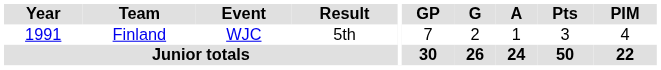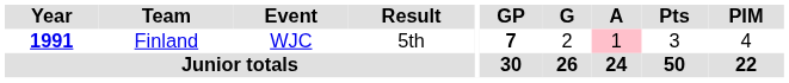 <table border="0" cellpadding="1" cellspacing="0" ID="Table3" style="text-align:center; width:40em">
 <tr ALIGN="center" bgcolor="#e0e0e0">
 <th>Year</th>
 <th>Team</th>
 <th>Event</th>
 <th>Result</th>
 <th rowspan="99" bgcolor="#ffffff"></th>
 <th>GP</th>
 <th>G</th>
 <th>A</th>
 <th>Pts</th>
 <th>PIM</th>
 </tr>
 <tr>
-<td><a href='#'>1991</a></td>
+<td><strong><a href='#'>1991</a></strong></td>
 <td><a href='#'>Finland</a></td>
 <td><a href='#'>WJC</a></td>
 <td>5th</td>
-<td>7</td>
+<td><strong>7</strong></td>
 <td>2</td>
-<td>1</td>
+<td style="background: pink;">1</td>
 <td>3</td>
 <td>4</td>
 </tr>
 <tr bgcolor="#e0e0e0">
 <th colspan="4">Junior totals</th>
 <th>30</th>
 <th>26</th>
 <th>24</th>
 <th>50</th>
 <th>22</th>
 </tr>
 </table>
